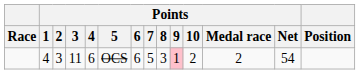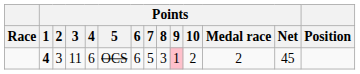 <table | class="wikitable" style="text-align:center">
 <tr>
 <th></th>
 <th colspan="12">Points</th>
 <th></th>
 </tr>
 <tr>
 <th>Race</th>
 <th>1</th>
 <th>2</th>
 <th>3</th>
 <th>4</th>
 <th>5</th>
 <th>6</th>
 <th>7</th>
 <th>8</th>
 <th>9</th>
 <th>10</th>
 <th>Medal race</th>
 <th>Net</th>
 <th>Position</th>
 </tr>
 <tr>
 <td></td>
-<td>4</td>
+<td><strong>4</strong></td>
 <td>3</td>
 <td>11</td>
 <td>6</td>
 <td><s>OCS</s></td>
 <td>6</td>
 <td>5</td>
 <td>3</td>
 <td style="background: pink;">1</td>
 <td>2</td>
 <td>2</td>
-<td>54</td>
+<td>45</td>
 <td></td>
 </tr>
 </table>
